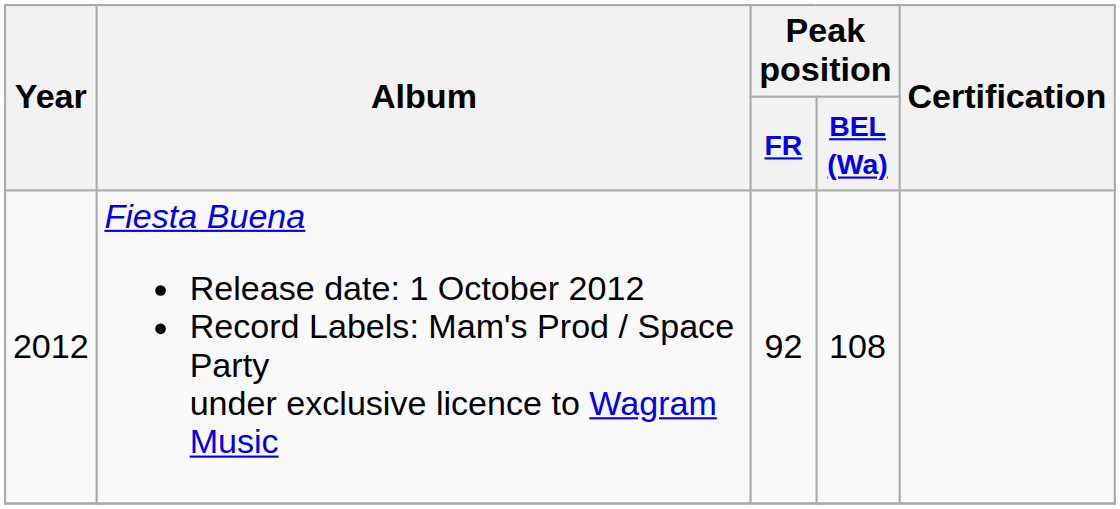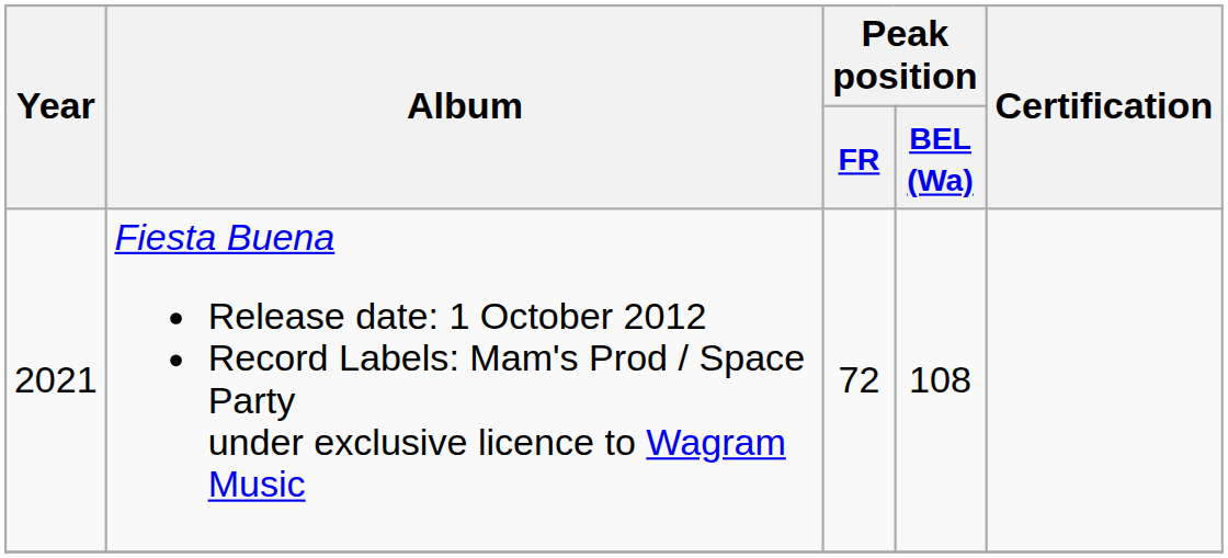 <table class="wikitable">
 <tr>
 <th align="center" rowspan="2" width="10">Year</th>
 <th align="center" rowspan="2" width="300">Album</th>
 <th align="center" colspan="2">Peak position</th>
 <th align="center" rowspan="2" width="50">Certification</th>
 </tr>
 <tr>
 <th width="20"><small><a href='#'>FR</a><br></small></th>
 <th width="20"><small><a href='#'>BEL <br>(Wa)</a><br></small></th>
 </tr>
 <tr>
-<td align="center" rowspan="1">2012</td>
+<td align="center" rowspan="1">2021</td>
 <td><em><a href='#'>Fiesta Buena</a></em><br><ul><li>Release date: 1 October 2012</li><li>Record Labels: Mam's Prod / Space Party <br>under exclusive licence to <a href='#'>Wagram Music</a></li></ul></td>
-<td align="center">92</td>
+<td align="center">72</td>
 <td align="center">108</td>
 <td align="center"></td>
 </tr>
 <tr>
 </tr>
 </table>
